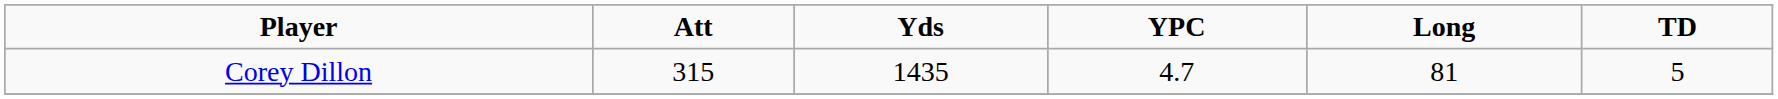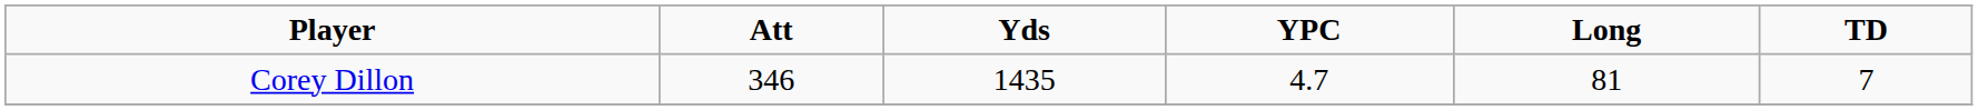 <table class="wikitable" width="80%">
 <tr align="center">
 <td><strong>Player</strong></td>
 <td><strong>Att</strong></td>
 <td><strong>Yds</strong></td>
 <td><strong>YPC</strong></td>
 <td><strong>Long</strong></td>
 <td><strong>TD</strong></td>
 </tr>
 <tr align="center" bgcolor="">
 <td><a href='#'>Corey Dillon</a></td>
-<td>315</td>
+<td>346</td>
 <td>1435</td>
 <td>4.7</td>
 <td>81</td>
-<td>5</td>
+<td>7</td>
 </tr>
 <tr align="center" bgcolor="">
 </tr>
 </table>
